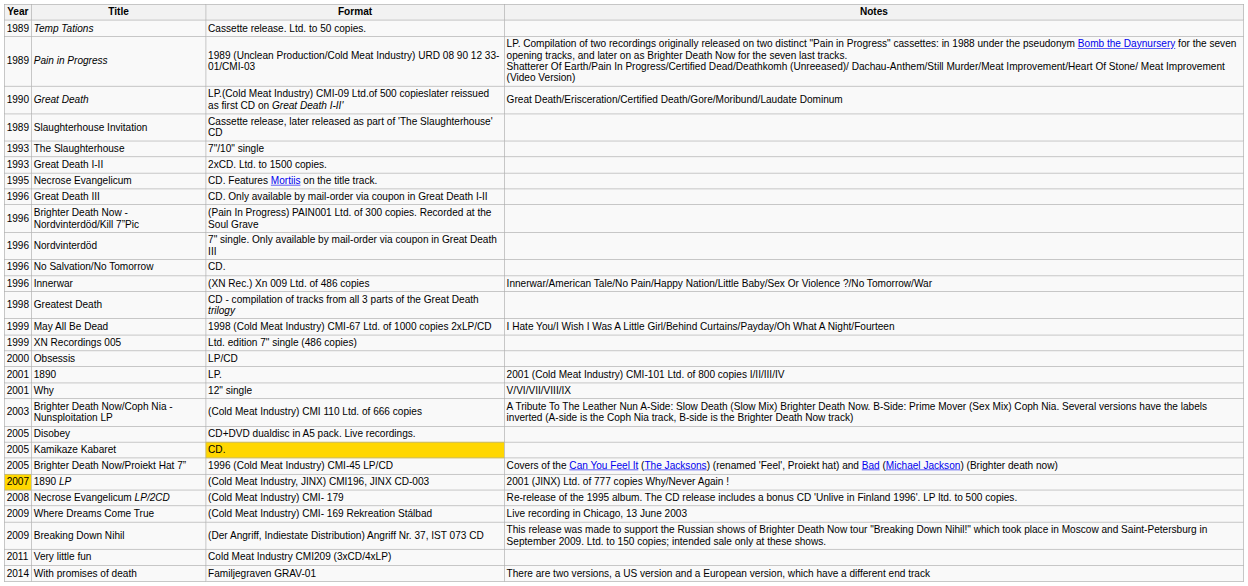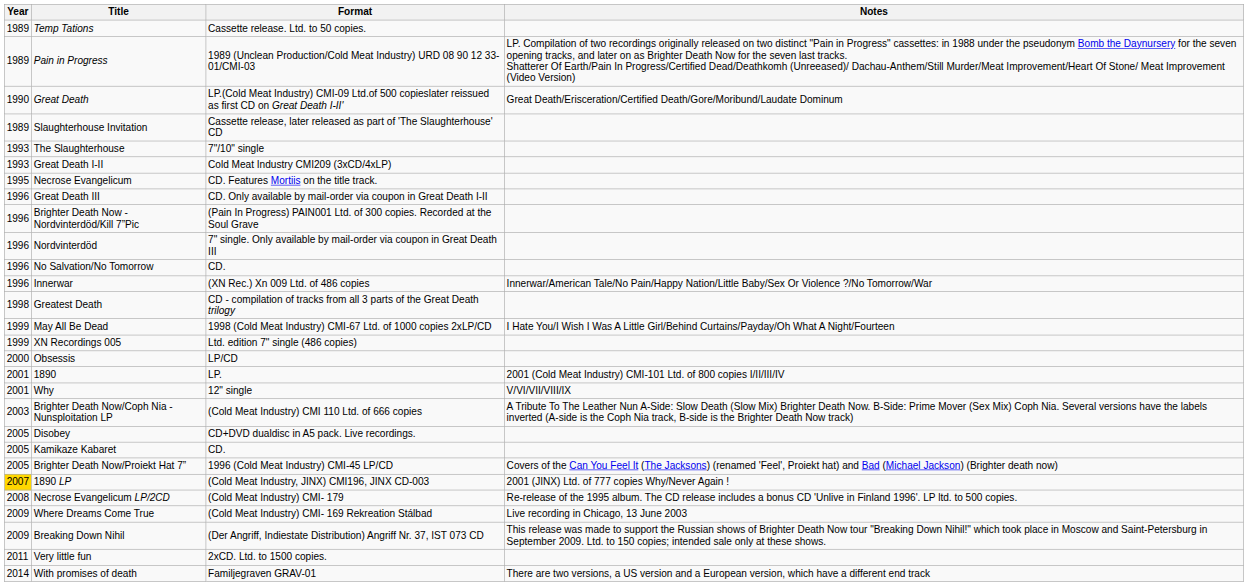 <table class="wikitable">
 <tr>
 <th>Year</th>
 <th>Title</th>
 <th>Format</th>
 <th>Notes</th>
 </tr>
 <tr>
 <td>1989</td>
 <td><em>Temp Tations</em></td>
 <td>Cassette release. Ltd. to 50 copies.</td>
 <td></td>
 </tr>
 <tr>
 <td>1989</td>
 <td><em>Pain in Progress</em></td>
 <td>1989 (Unclean Production/Cold Meat Industry) URD 08 90 12 33-01/CMI-03</td>
 <td>LP. Compilation of two recordings originally released on two distinct "Pain in Progress" cassettes: in 1988 under the pseudonym <a href='#'>Bomb the Daynursery</a> for the seven opening tracks, and later on as Brighter Death Now for the seven last tracks.<br>Shatterer Of Earth/Pain In Progress/Certified Dead/Deathkomh (Unreeased)/ Dachau-Anthem/Still Murder/Meat Improvement/Heart Of Stone/ Meat Improvement (Video Version)</td>
 </tr>
 <tr>
 <td>1990</td>
 <td><em>Great Death</em></td>
 <td>LP.(Cold Meat Industry) CMI-09 Ltd.of 500 copieslater reissued as first CD on <em>Great Death I-II'</td>
 <td>Great Death/Erisceration/Certified Death/Gore/Moribund/Laudate Dominum</td>
 </tr>
 <tr>
 <td>1989</td>
 <td></em>Slaughterhouse Invitation<em></td>
 <td>Cassette release, later released as part of 'The Slaughterhouse' CD</td>
 <td></td>
 </tr>
 <tr>
 <td>1993</td>
 <td></em>The Slaughterhouse<em></td>
 <td>7"/10" single</td>
 <td></td>
 </tr>
 <tr>
 <td>1993</td>
 <td></em>Great Death I-II<em></td>
-<td>2xCD. Ltd. to 1500 copies.</td>
+<td>Cold Meat Industry CMI209 (3xCD/4xLP)</td>
 <td></td>
 </tr>
 <tr>
 <td>1995</td>
 <td></em>Necrose Evangelicum<em></td>
 <td>CD. Features <a href='#'>Mortiis</a> on the title track.</td>
 <td></td>
 </tr>
 <tr>
 <td>1996</td>
 <td></em>Great Death III<em></td>
 <td>CD. Only available by mail-order via coupon in </em>Great Death I-II<em></td>
 <td></td>
 </tr>
 <tr>
 <td>1996</td>
 <td>Brighter Death Now - Nordvinterdöd/Kill 7”Pic</td>
 <td>(Pain In Progress) PAIN001 Ltd. of 300 copies. Recorded at the Soul Grave</td>
 <td></td>
 </tr>
 <tr>
 <td>1996</td>
 <td></em>Nordvinterdöd<em></td>
 <td>7" single. Only available by mail-order via coupon in </em>Great Death III<em></td>
 <td></td>
 </tr>
 <tr>
 <td>1996</td>
 <td></em>No Salvation/No Tomorrow<em></td>
 <td>CD.</td>
 <td></td>
 </tr>
 <tr>
 <td>1996</td>
 <td></em>Innerwar<em></td>
 <td>(XN Rec.) Xn 009 Ltd. of 486 copies</td>
 <td>Innerwar/American Tale/No Pain/Happy Nation/Little Baby/Sex Or Violence ?/No Tomorrow/War</td>
 </tr>
 <tr>
 <td>1998</td>
 <td></em>Greatest Death<em></td>
 <td>CD - compilation of tracks from all 3 parts of the </em>Great Death<em> trilogy</td>
 <td></td>
 </tr>
 <tr>
 <td>1999</td>
 <td></em>May All Be Dead<em></td>
 <td>1998 (Cold Meat Industry) CMI-67 Ltd. of 1000 copies 2xLP/CD</td>
 <td>I Hate You/I Wish I Was A Little Girl/Behind Curtains/Payday/Oh What A Night/Fourteen</td>
 </tr>
 <tr>
 <td>1999</td>
 <td></em>XN Recordings 005<em></td>
 <td>Ltd. edition 7" single (486 copies)</td>
 <td></td>
 </tr>
 <tr>
 <td>2000</td>
 <td></em>Obsessis<em></td>
 <td>LP/CD</td>
 <td></td>
 </tr>
 <tr>
 <td>2001</td>
 <td></em>1890<em></td>
 <td>LP.</td>
 <td>2001 (Cold Meat Industry) CMI-101 Ltd. of 800 copies I/II/III/IV</td>
 </tr>
 <tr>
 <td>2001</td>
 <td></em>Why<em></td>
 <td>12" single</td>
 <td>V/VI/VII/VIII/IX</td>
 </tr>
 <tr>
 <td>2003</td>
 <td>Brighter Death Now/Coph Nia - Nunsploitation LP</td>
 <td>(Cold Meat Industry) CMI 110 Ltd. of 666 copies</td>
 <td>A Tribute To The Leather Nun A-Side: Slow Death (Slow Mix) Brighter Death Now. B-Side: Prime Mover (Sex Mix) Coph Nia. Several versions have the labels inverted (A-side is the Coph Nia track, B-side is the Brighter Death Now track)</td>
 </tr>
 <tr>
 <td>2005</td>
 <td></em>Disobey<em></td>
 <td>CD+DVD dualdisc in A5 pack. Live recordings.</td>
 <td></td>
 </tr>
 <tr>
 <td>2005</td>
 <td></em>Kamikaze Kabaret<em></td>
-<td style="background: gold;">CD.</td>
+<td>CD.</td>
 <td></td>
 </tr>
 <tr>
 <td>2005</td>
 <td>Brighter Death Now/Proiekt Hat	7”</td>
 <td>1996 (Cold Meat Industry) CMI-45 LP/CD</td>
 <td>Covers of the <a href='#'>Can You Feel It</a> (<a href='#'>The Jacksons</a>) (renamed 'Feel', Proiekt hat) and <a href='#'>Bad</a> (<a href='#'>Michael Jackson</a>) (Brighter death now)</td>
 </tr>
 <tr>
 <td style="background: gold;">2007</td>
 <td></em>1890<em> LP</td>
 <td>(Cold Meat Industry, JINX) CMI196, JINX CD-003</td>
 <td>2001 (JINX) Ltd. of 777 copies Why/Never Again !</td>
 </tr>
 <tr>
 <td>2008</td>
 <td></em>Necrose Evangelicum<em> LP/2CD</td>
 <td>(Cold Meat Industry) CMI- 179</td>
 <td>Re-release of the 1995 album. The CD release includes a bonus CD 'Unlive in Finland 1996'. LP ltd. to 500 copies.</td>
 </tr>
 <tr>
 <td>2009</td>
 <td></em>Where Dreams Come True<em></td>
 <td>(Cold Meat Industry) CMI- 169 Rekreation Stálbad</td>
 <td>Live recording in Chicago, 13 June 2003</td>
 </tr>
 <tr>
 <td>2009</td>
 <td></em>Breaking Down Nihil<em></td>
 <td>(Der Angriff, Indiestate Distribution) Angriff Nr. 37, IST 073 CD</td>
 <td>This release was made to support the Russian shows of Brighter Death Now tour "Breaking Down Nihil!" which took place in Moscow and Saint-Petersburg in September 2009. Ltd. to 150 copies; intended sale only at these shows.</td>
 </tr>
 <tr>
 <td>2011</td>
 <td></em>Very little fun<em></td>
-<td>Cold Meat Industry CMI209 (3xCD/4xLP)</td>
+<td>2xCD. Ltd. to 1500 copies.</td>
 </tr>
 <tr>
 <td>2014</td>
 <td></em>With promises of death<em></td>
 <td>Familjegraven GRAV-01</td>
 <td>There are two versions, a US version and a European version, which have a different end track</td>
 </tr>
 </table>
